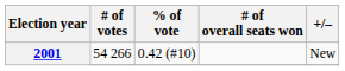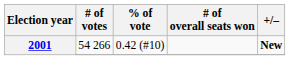 <table class=wikitable>
 <tr>
 <th>Election year</th>
 <th># of<br>votes</th>
 <th>% of<br>vote</th>
 <th># of<br>overall seats won</th>
 <th>+/–</th>
 </tr>
 <tr>
 <th rowspan="2"><a href='#'>2001</a></th>
 <td>54 266</td>
 <td>0.42 (#10)</td>
 <td></td>
-<td>New</td>
+<td><strong>New</strong></td>
 </tr>
 <tr>
 </tr>
 </table>
